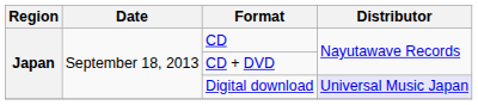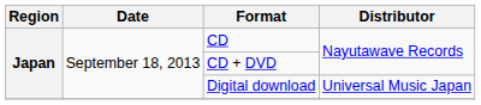 <table class="wikitable plainrowheaders">
 <tr>
 <th scope="col">Region</th>
 <th scope="col">Date</th>
 <th scope="col">Format</th>
 <th scope="col">Distributor</th>
 </tr>
 <tr>
 <th scope="row" rowspan="3">Japan</th>
 <td rowspan="3">September 18, 2013</td>
 <td><a href='#'>CD</a></td>
 <td rowspan="2"><a href='#'>Nayutawave Records</a></td>
 </tr>
 <tr>
 <td><a href='#'>CD</a> + <a href='#'>DVD</a></td>
 </tr>
 <tr>
 <td><a href='#'>Digital download</a></td>
-<td style="background: lavender;"><a href='#'>Universal Music Japan</a></td>
+<td><a href='#'>Universal Music Japan</a></td>
 </tr>
 <tr>
 </tr>
 </table>
